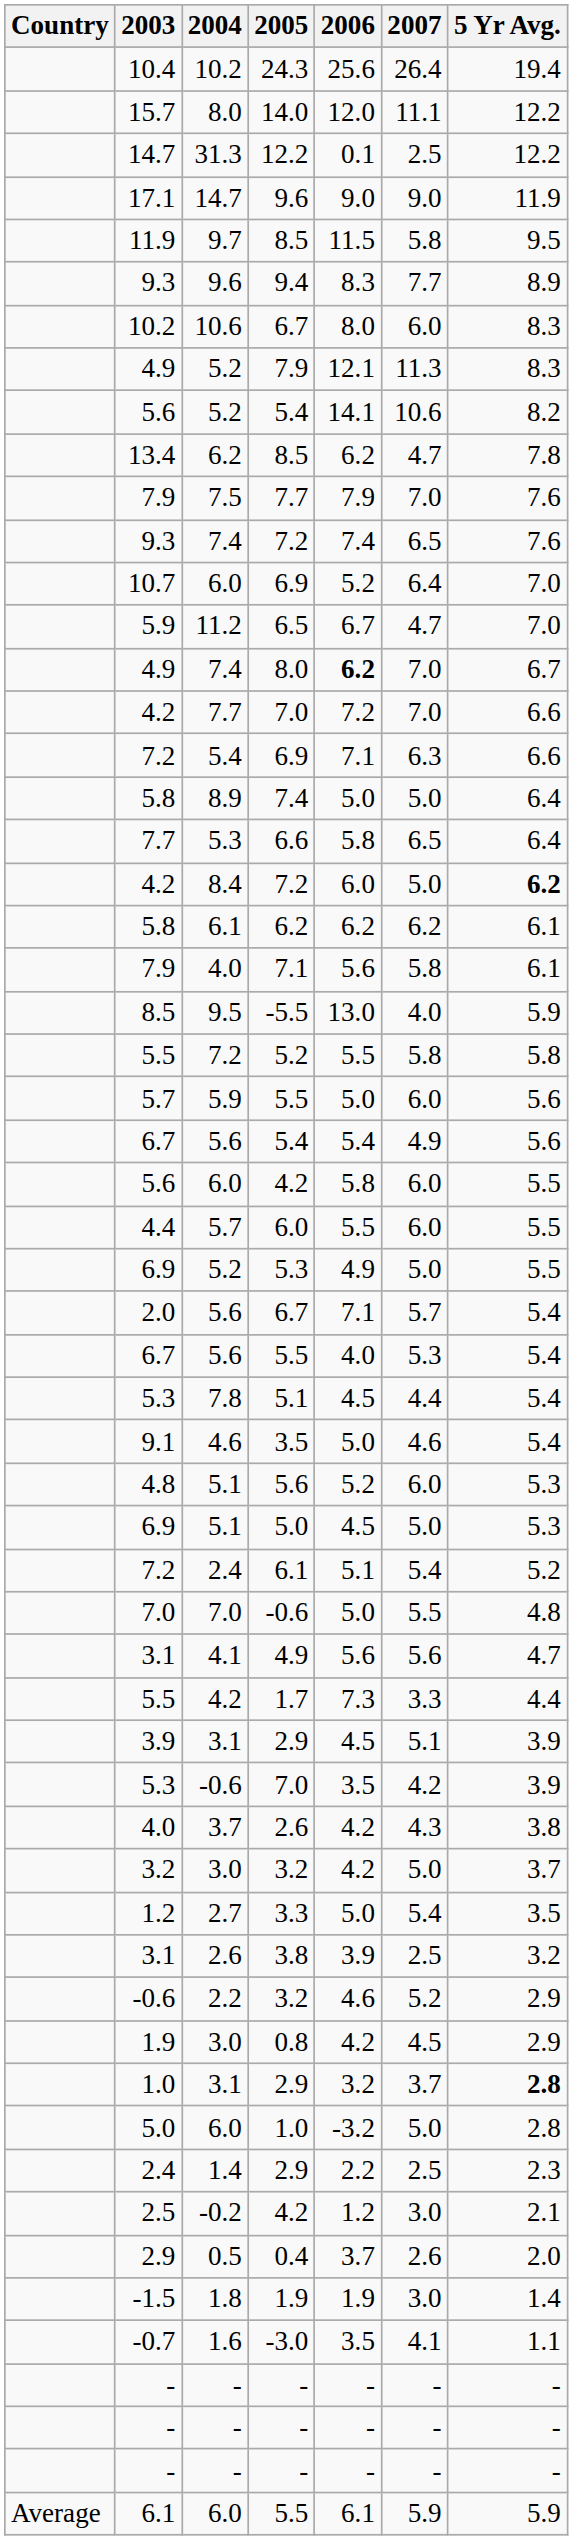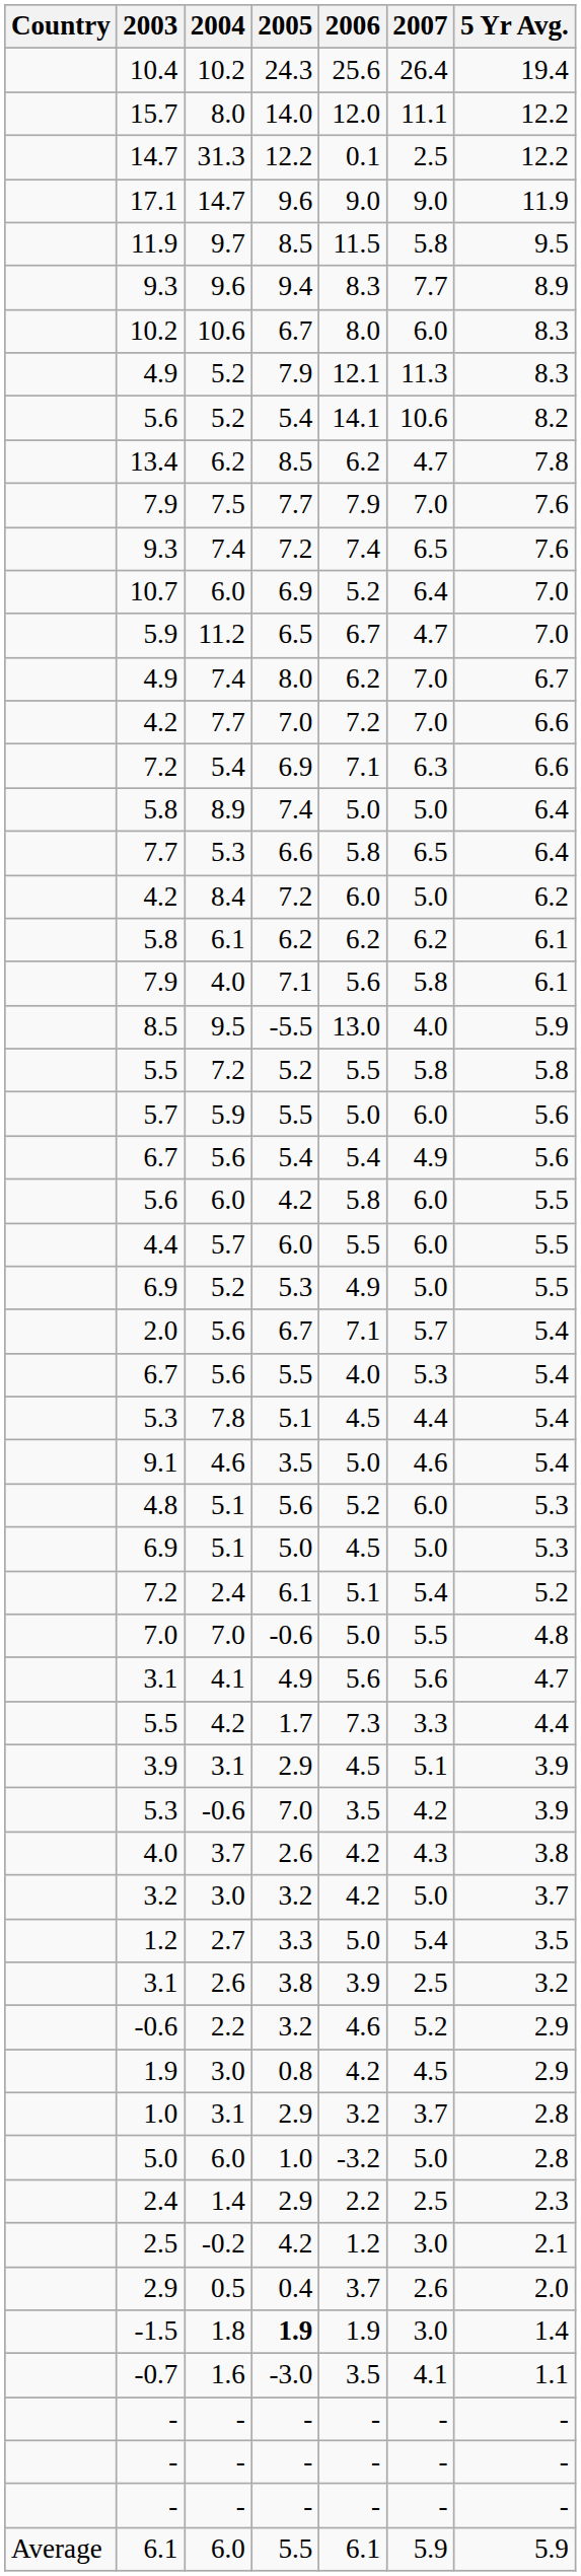 <table class="wikitable sortable" style=text-align:right;>
 <tr>
 <th>Country</th>
 <th>2003</th>
 <th>2004</th>
 <th>2005</th>
 <th>2006</th>
 <th>2007</th>
 <th>5 Yr Avg.</th>
 </tr>
 <tr>
 <td align=left></td>
 <td>10.4</td>
 <td>10.2</td>
 <td>24.3</td>
 <td>25.6</td>
 <td>26.4</td>
 <td>19.4</td>
 </tr>
 <tr>
 <td align=left></td>
 <td>15.7</td>
 <td>8.0</td>
 <td>14.0</td>
 <td>12.0</td>
 <td>11.1</td>
 <td>12.2</td>
 </tr>
 <tr>
 <td align=left></td>
 <td>14.7</td>
 <td>31.3</td>
 <td>12.2</td>
 <td>0.1</td>
 <td>2.5</td>
 <td>12.2</td>
 </tr>
 <tr>
 <td align=left></td>
 <td>17.1</td>
 <td>14.7</td>
 <td>9.6</td>
 <td>9.0</td>
 <td>9.0</td>
 <td>11.9</td>
 </tr>
 <tr>
 <td align=left></td>
 <td>11.9</td>
 <td>9.7</td>
 <td>8.5</td>
 <td>11.5</td>
 <td>5.8</td>
 <td>9.5</td>
 </tr>
 <tr>
 <td align=left></td>
 <td>9.3</td>
 <td>9.6</td>
 <td>9.4</td>
 <td>8.3</td>
 <td>7.7</td>
 <td>8.9</td>
 </tr>
 <tr>
 <td align=left></td>
 <td>10.2</td>
 <td>10.6</td>
 <td>6.7</td>
 <td>8.0</td>
 <td>6.0</td>
 <td>8.3</td>
 </tr>
 <tr>
 <td align=left></td>
 <td>4.9</td>
 <td>5.2</td>
 <td>7.9</td>
 <td>12.1</td>
 <td>11.3</td>
 <td>8.3</td>
 </tr>
 <tr>
 <td align=left></td>
 <td>5.6</td>
 <td>5.2</td>
 <td>5.4</td>
 <td>14.1</td>
 <td>10.6</td>
 <td>8.2</td>
 </tr>
 <tr>
 <td align=left></td>
 <td>13.4</td>
 <td>6.2</td>
 <td>8.5</td>
 <td>6.2</td>
 <td>4.7</td>
 <td>7.8</td>
 </tr>
 <tr>
 <td align=left></td>
 <td>7.9</td>
 <td>7.5</td>
 <td>7.7</td>
 <td>7.9</td>
 <td>7.0</td>
 <td>7.6</td>
 </tr>
 <tr>
 <td align=left></td>
 <td>9.3</td>
 <td>7.4</td>
 <td>7.2</td>
 <td>7.4</td>
 <td>6.5</td>
 <td>7.6</td>
 </tr>
 <tr>
 <td align=left></td>
 <td>10.7</td>
 <td>6.0</td>
 <td>6.9</td>
 <td>5.2</td>
 <td>6.4</td>
 <td>7.0</td>
 </tr>
 <tr>
 <td align=left></td>
 <td>5.9</td>
 <td>11.2</td>
 <td>6.5</td>
 <td>6.7</td>
 <td>4.7</td>
 <td>7.0</td>
 </tr>
 <tr>
 <td align=left></td>
 <td>4.9</td>
 <td>7.4</td>
 <td>8.0</td>
-<td><strong>6.2</strong></td>
+<td>6.2</td>
 <td>7.0</td>
 <td>6.7</td>
 </tr>
 <tr>
 <td align=left></td>
 <td>4.2</td>
 <td>7.7</td>
 <td>7.0</td>
 <td>7.2</td>
 <td>7.0</td>
 <td>6.6</td>
 </tr>
 <tr>
 <td align=left></td>
 <td>7.2</td>
 <td>5.4</td>
 <td>6.9</td>
 <td>7.1</td>
 <td>6.3</td>
 <td>6.6</td>
 </tr>
 <tr>
 <td align=left></td>
 <td>5.8</td>
 <td>8.9</td>
 <td>7.4</td>
 <td>5.0</td>
 <td>5.0</td>
 <td>6.4</td>
 </tr>
 <tr>
 <td align=left></td>
 <td>7.7</td>
 <td>5.3</td>
 <td>6.6</td>
 <td>5.8</td>
 <td>6.5</td>
 <td>6.4</td>
 </tr>
 <tr>
 <td align=left></td>
 <td>4.2</td>
 <td>8.4</td>
 <td>7.2</td>
 <td>6.0</td>
 <td>5.0</td>
-<td><strong>6.2</strong></td>
+<td>6.2</td>
 </tr>
 <tr>
 <td align=left></td>
 <td>5.8</td>
 <td>6.1</td>
 <td>6.2</td>
 <td>6.2</td>
 <td>6.2</td>
 <td>6.1</td>
 </tr>
 <tr>
 <td align=left></td>
 <td>7.9</td>
 <td>4.0</td>
 <td>7.1</td>
 <td>5.6</td>
 <td>5.8</td>
 <td>6.1</td>
 </tr>
 <tr>
 <td align=left></td>
 <td>8.5</td>
 <td>9.5</td>
 <td>-5.5</td>
 <td>13.0</td>
 <td>4.0</td>
 <td>5.9</td>
 </tr>
 <tr>
 <td align=left></td>
 <td>5.5</td>
 <td>7.2</td>
 <td>5.2</td>
 <td>5.5</td>
 <td>5.8</td>
 <td>5.8</td>
 </tr>
 <tr>
 <td align=left></td>
 <td>5.7</td>
 <td>5.9</td>
 <td>5.5</td>
 <td>5.0</td>
 <td>6.0</td>
 <td>5.6</td>
 </tr>
 <tr>
 <td align=left></td>
 <td>6.7</td>
 <td>5.6</td>
 <td>5.4</td>
 <td>5.4</td>
 <td>4.9</td>
 <td>5.6</td>
 </tr>
 <tr>
 <td align=left></td>
 <td>5.6</td>
 <td>6.0</td>
 <td>4.2</td>
 <td>5.8</td>
 <td>6.0</td>
 <td>5.5</td>
 </tr>
 <tr>
 <td align=left></td>
 <td>4.4</td>
 <td>5.7</td>
 <td>6.0</td>
 <td>5.5</td>
 <td>6.0</td>
 <td>5.5</td>
 </tr>
 <tr>
 <td align=left></td>
 <td>6.9</td>
 <td>5.2</td>
 <td>5.3</td>
 <td>4.9</td>
 <td>5.0</td>
 <td>5.5</td>
 </tr>
 <tr>
 <td align=left></td>
 <td>2.0</td>
 <td>5.6</td>
 <td>6.7</td>
 <td>7.1</td>
 <td>5.7</td>
 <td>5.4</td>
 </tr>
 <tr>
 <td align=left></td>
 <td>6.7</td>
 <td>5.6</td>
 <td>5.5</td>
 <td>4.0</td>
 <td>5.3</td>
 <td>5.4</td>
 </tr>
 <tr>
 <td align=left></td>
 <td>5.3</td>
 <td>7.8</td>
 <td>5.1</td>
 <td>4.5</td>
 <td>4.4</td>
 <td>5.4</td>
 </tr>
 <tr>
 <td align=left></td>
 <td>9.1</td>
 <td>4.6</td>
 <td>3.5</td>
 <td>5.0</td>
 <td>4.6</td>
 <td>5.4</td>
 </tr>
 <tr>
 <td align=left></td>
 <td>4.8</td>
 <td>5.1</td>
 <td>5.6</td>
 <td>5.2</td>
 <td>6.0</td>
 <td>5.3</td>
 </tr>
 <tr>
 <td align=left></td>
 <td>6.9</td>
 <td>5.1</td>
 <td>5.0</td>
 <td>4.5</td>
 <td>5.0</td>
 <td>5.3</td>
 </tr>
 <tr>
 <td align=left></td>
 <td>7.2</td>
 <td>2.4</td>
 <td>6.1</td>
 <td>5.1</td>
 <td>5.4</td>
 <td>5.2</td>
 </tr>
 <tr>
 <td align=left></td>
 <td>7.0</td>
 <td>7.0</td>
 <td>-0.6</td>
 <td>5.0</td>
 <td>5.5</td>
 <td>4.8</td>
 </tr>
 <tr>
 <td align=left></td>
 <td>3.1</td>
 <td>4.1</td>
 <td>4.9</td>
 <td>5.6</td>
 <td>5.6</td>
 <td>4.7</td>
 </tr>
 <tr>
 <td align=left></td>
 <td>5.5</td>
 <td>4.2</td>
 <td>1.7</td>
 <td>7.3</td>
 <td>3.3</td>
 <td>4.4</td>
 </tr>
 <tr>
 <td align=left></td>
 <td>3.9</td>
 <td>3.1</td>
 <td>2.9</td>
 <td>4.5</td>
 <td>5.1</td>
 <td>3.9</td>
 </tr>
 <tr>
 <td align=left></td>
 <td>5.3</td>
 <td>-0.6</td>
 <td>7.0</td>
 <td>3.5</td>
 <td>4.2</td>
 <td>3.9</td>
 </tr>
 <tr>
 <td align=left></td>
 <td>4.0</td>
 <td>3.7</td>
 <td>2.6</td>
 <td>4.2</td>
 <td>4.3</td>
 <td>3.8</td>
 </tr>
 <tr>
 <td align=left></td>
 <td>3.2</td>
 <td>3.0</td>
 <td>3.2</td>
 <td>4.2</td>
 <td>5.0</td>
 <td>3.7</td>
 </tr>
 <tr>
 <td align=left></td>
 <td>1.2</td>
 <td>2.7</td>
 <td>3.3</td>
 <td>5.0</td>
 <td>5.4</td>
 <td>3.5</td>
 </tr>
 <tr>
 <td align=left></td>
 <td>3.1</td>
 <td>2.6</td>
 <td>3.8</td>
 <td>3.9</td>
 <td>2.5</td>
 <td>3.2</td>
 </tr>
 <tr>
 <td align=left></td>
 <td>-0.6</td>
 <td>2.2</td>
 <td>3.2</td>
 <td>4.6</td>
 <td>5.2</td>
 <td>2.9</td>
 </tr>
 <tr>
 <td align=left></td>
 <td>1.9</td>
 <td>3.0</td>
 <td>0.8</td>
 <td>4.2</td>
 <td>4.5</td>
 <td>2.9</td>
 </tr>
 <tr>
 <td align=left></td>
 <td>1.0</td>
 <td>3.1</td>
 <td>2.9</td>
 <td>3.2</td>
 <td>3.7</td>
-<td><strong>2.8</strong></td>
+<td>2.8</td>
 </tr>
 <tr>
 <td align=left></td>
 <td>5.0</td>
 <td>6.0</td>
 <td>1.0</td>
 <td>-3.2</td>
 <td>5.0</td>
 <td>2.8</td>
 </tr>
 <tr>
 <td align=left></td>
 <td>2.4</td>
 <td>1.4</td>
 <td>2.9</td>
 <td>2.2</td>
 <td>2.5</td>
 <td>2.3</td>
 </tr>
 <tr>
 <td align=left></td>
 <td>2.5</td>
 <td>-0.2</td>
 <td>4.2</td>
 <td>1.2</td>
 <td>3.0</td>
 <td>2.1</td>
 </tr>
 <tr>
 <td align=left></td>
 <td>2.9</td>
 <td>0.5</td>
 <td>0.4</td>
 <td>3.7</td>
 <td>2.6</td>
 <td>2.0</td>
 </tr>
 <tr>
 <td align=left></td>
 <td>-1.5</td>
 <td>1.8</td>
-<td>1.9</td>
+<td><strong>1.9</strong></td>
 <td>1.9</td>
 <td>3.0</td>
 <td>1.4</td>
 </tr>
 <tr>
 <td align=left></td>
 <td>-0.7</td>
 <td>1.6</td>
 <td>-3.0</td>
 <td>3.5</td>
 <td>4.1</td>
 <td>1.1</td>
 </tr>
 <tr>
 <td align=left></td>
 <td>-</td>
 <td>-</td>
 <td>-</td>
 <td>-</td>
 <td>-</td>
 <td>-</td>
 </tr>
 <tr>
 <td align=left></td>
 <td>-</td>
 <td>-</td>
 <td>-</td>
 <td>-</td>
 <td>-</td>
 <td>-</td>
 </tr>
 <tr>
 <td align=left></td>
 <td>-</td>
 <td>-</td>
 <td>-</td>
 <td>-</td>
 <td>-</td>
 <td>-</td>
 </tr>
 <tr>
 <td align=left>Average</td>
 <td>6.1</td>
 <td>6.0</td>
 <td>5.5</td>
 <td>6.1</td>
 <td>5.9</td>
 <td>5.9</td>
 </tr>
 </table>
